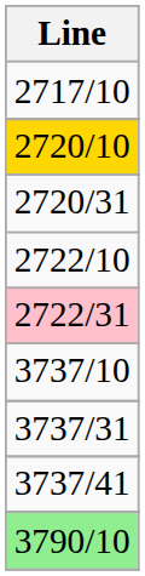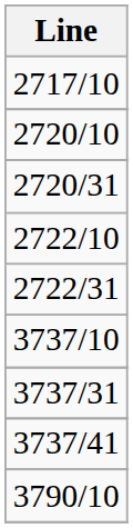 <table class="wikitable">
 <tr>
 <th align="center">Line</th>
 </tr>
 <tr>
 <td align="center">2717/10</td>
 </tr>
 <tr>
 </tr>
 <tr>
-<td align="center" style="background: gold;">2720/10</td>
+<td align="center">2720/10</td>
 </tr>
 <tr>
 </tr>
 <tr>
 <td align="center">2720/31</td>
 </tr>
 <tr>
 <td align="center">2722/10</td>
 </tr>
 <tr>
-<td align="center" style="background: pink;">2722/31</td>
+<td align="center">2722/31</td>
 </tr>
 <tr>
 <td align="center">3737/10</td>
 </tr>
 <tr>
 </tr>
 <tr>
 <td align="center">3737/31</td>
 </tr>
 <tr>
 </tr>
 <tr>
 <td align="center">3737/41</td>
 </tr>
 <tr>
 </tr>
 <tr>
-<td align="center" style="background: lightgreen;">3790/10</td>
+<td align="center">3790/10</td>
 </tr>
 <tr>
 </tr>
 </table>
